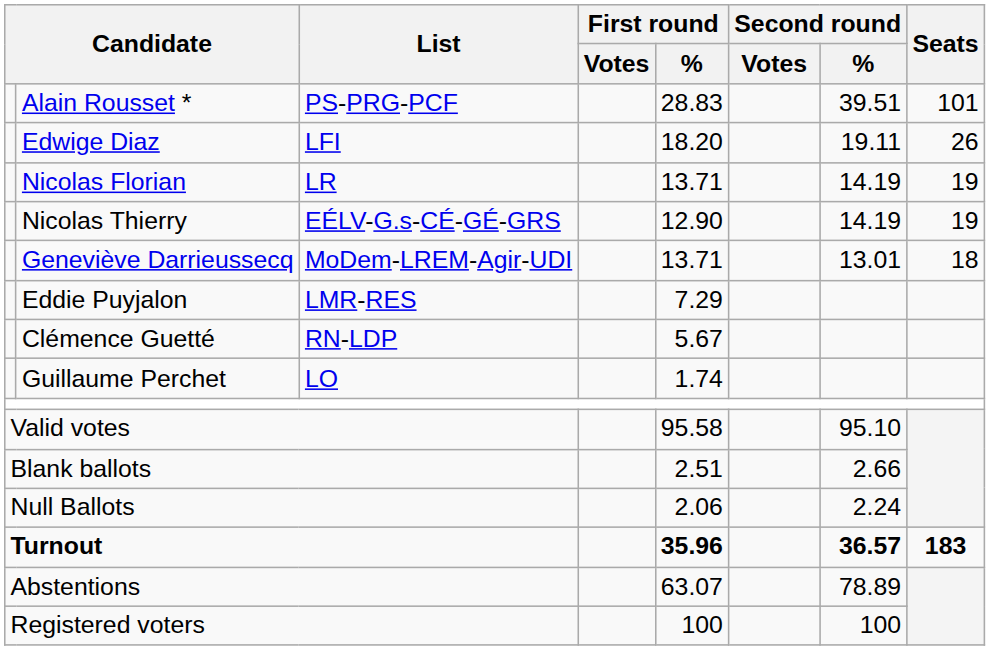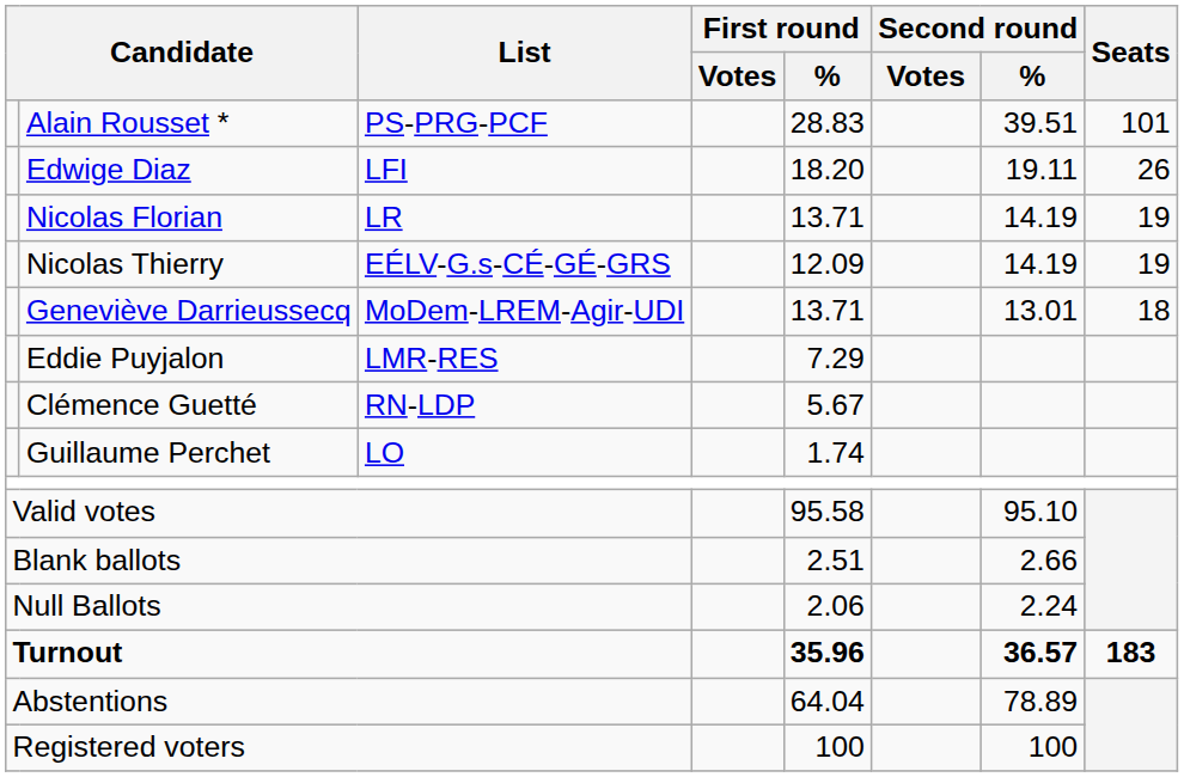 <table class="wikitable centre" style="text-align:right;">
 <tr>
 <th colspan="2" rowspan="2" scope="col">Candidate</th>
 <th rowspan="2" scope="col">List</th>
 <th colspan="2" scope="col">First round</th>
 <th colspan="2" scope="col">Second round</th>
 <th rowspan="2" scope="col">Seats</th>
 </tr>
 <tr>
 <th scope="col">Votes</th>
 <th scope="col">%</th>
 <th scope="col">Votes</th>
 <th scope="col">%</th>
 </tr>
 <tr>
 <td style="color:inherit;background:"></td>
 <td align="left"><a href='#'>Alain Rousset</a> *</td>
 <td align="left"><a href='#'>PS</a>-<a href='#'>PRG</a>-<a href='#'>PCF</a></td>
 <td></td>
 <td>28.83</td>
 <td></td>
 <td>39.51</td>
 <td>101</td>
 </tr>
 <tr>
 <td style="color:inherit;background:"></td>
 <td align="left"><a href='#'>Edwige Diaz</a></td>
 <td align="left"><a href='#'>LFI</a></td>
 <td></td>
 <td>18.20</td>
 <td></td>
 <td>19.11</td>
 <td>26</td>
 </tr>
 <tr>
 <td style="color:inherit;background:"></td>
 <td align="left"><a href='#'>Nicolas Florian</a></td>
 <td align="left"><a href='#'>LR</a></td>
 <td></td>
 <td>13.71</td>
 <td></td>
 <td>14.19</td>
 <td>19</td>
 </tr>
 <tr>
 <td style="color:inherit;background:"></td>
 <td align="left">Nicolas Thierry</td>
 <td align="left"><a href='#'>EÉLV</a>-<a href='#'>G.s</a>-<a href='#'>CÉ</a>-<a href='#'>GÉ</a>-<a href='#'>GRS</a></td>
 <td></td>
-<td>12.90</td>
+<td>12.09</td>
 <td></td>
 <td>14.19</td>
 <td>19</td>
 </tr>
 <tr>
 <td style="color:inherit;background:"></td>
 <td align="left"><a href='#'>Geneviève Darrieussecq</a></td>
 <td align="left"><a href='#'>MoDem</a>-<a href='#'>LREM</a>-<a href='#'>Agir</a>-<a href='#'>UDI</a></td>
 <td></td>
 <td>13.71</td>
 <td></td>
 <td>13.01</td>
 <td>18</td>
 </tr>
 <tr>
 <td style="color:inherit;background:"></td>
 <td align="left">Eddie Puyjalon</td>
 <td align="left"><a href='#'>LMR</a>-<a href='#'>RES</a></td>
 <td></td>
 <td>7.29</td>
 <td></td>
 <td></td>
 <td></td>
 </tr>
 <tr>
 <td style="color:inherit;background:"></td>
 <td align="left">Clémence Guetté</td>
 <td align="left"><a href='#'>RN</a>-<a href='#'>LDP</a></td>
 <td></td>
 <td>5.67</td>
 <td></td>
 <td></td>
 <td></td>
 </tr>
 <tr>
 <td style="color:inherit;background:"></td>
 <td align="left">Guillaume Perchet</td>
 <td align="left"><a href='#'>LO</a></td>
 <td></td>
 <td>1.74</td>
 <td></td>
 <td></td>
 <td></td>
 </tr>
 <tr style="background:white;">
 <td colspan="8"></td>
 </tr>
 <tr>
 <td colspan="3" style="text-align:left;">Valid votes</td>
 <td></td>
 <td>95.58</td>
 <td></td>
 <td>95.10</td>
 <td rowspan="3" style="color:inherit;background:#F4F4F4"></td>
 </tr>
 <tr>
 <td colspan="3" style="text-align:left;">Blank ballots</td>
 <td></td>
 <td>2.51</td>
 <td></td>
 <td>2.66</td>
 </tr>
 <tr>
 <td colspan="3" style="text-align:left;">Null Ballots</td>
 <td></td>
 <td>2.06</td>
 <td></td>
 <td>2.24</td>
 </tr>
 <tr style="font-weight:bold;">
 <td colspan="3" style="text-align:left;">Turnout</td>
 <td></td>
 <td>35.96</td>
 <td></td>
 <td>36.57</td>
 <td align="center">183</td>
 </tr>
 <tr>
 <td colspan="3" style="text-align:left;">Abstentions</td>
 <td></td>
-<td>63.07</td>
+<td>64.04</td>
 <td></td>
 <td>78.89</td>
 <td rowspan="2" style="color:inherit;background:#F4F4F4"></td>
 </tr>
 <tr>
 <td colspan="3" style="text-align:left;">Registered voters</td>
 <td></td>
 <td>100</td>
 <td></td>
 <td>100</td>
 </tr>
 </table>
